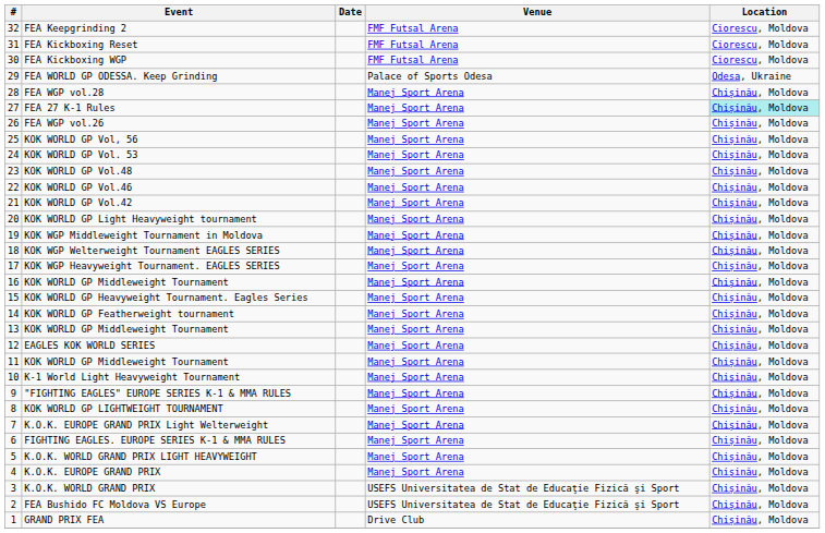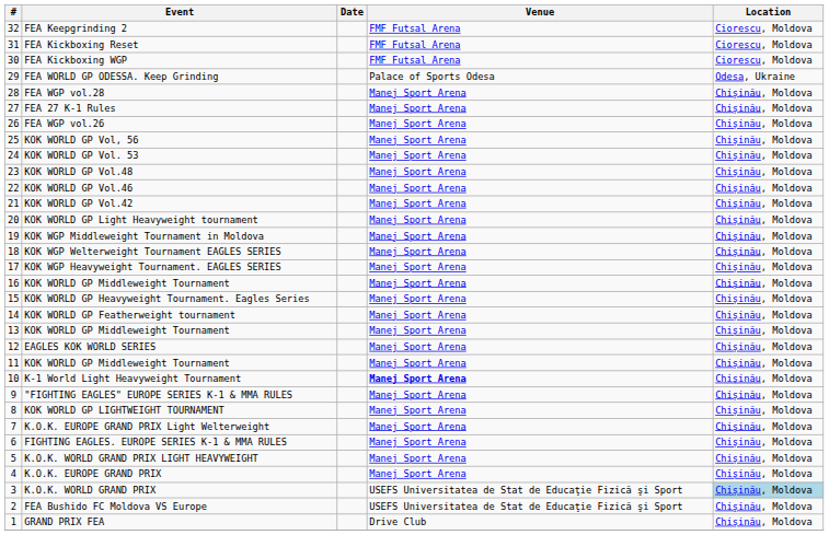 <table id="Events" class="wikitable sortable" style="width:80%; font-size:90%;">
 <tr>
 <th scope="col">#</th>
 <th scope="col">Event</th>
 <th scope="col">Date</th>
 <th scope="col">Venue</th>
 <th scope="col">Location</th>
 </tr>
 <tr>
 <td align=center>32</td>
 <td>FEA Keepgrinding 2</td>
 <td></td>
 <td><a href='#'>FMF Futsal Arena</a></td>
 <td><a href='#'>Ciorescu</a>, Moldova</td>
 </tr>
 <tr>
 <td align=center>31</td>
 <td>FEA Kickboxing Reset</td>
 <td></td>
 <td><a href='#'>FMF Futsal Arena</a></td>
 <td><a href='#'>Ciorescu</a>, Moldova</td>
 </tr>
 <tr>
 <td align=center>30</td>
 <td>FEA Kickboxing WGP</td>
 <td></td>
 <td><a href='#'>FMF Futsal Arena</a></td>
 <td><a href='#'>Ciorescu</a>, Moldova</td>
 </tr>
 <tr>
 <td align=center>29</td>
 <td>FEA WORLD GP ODESSA. Keep Grinding</td>
 <td></td>
 <td>Palace of Sports Odesa</td>
 <td><a href='#'>Odesa</a>, Ukraine</td>
 </tr>
 <tr>
 <td align=center>28</td>
 <td>FEA WGP vol.28</td>
 <td></td>
 <td><a href='#'>Manej Sport Arena</a></td>
 <td><a href='#'>Chișinău</a>, Moldova</td>
 </tr>
 <tr>
 <td align=center>27</td>
 <td>FEA 27 K-1 Rules</td>
 <td></td>
 <td><a href='#'>Manej Sport Arena</a></td>
-<td style="background: paleturquoise;"><a href='#'>Chișinău</a>, Moldova</td>
+<td><a href='#'>Chișinău</a>, Moldova</td>
 </tr>
 <tr>
 <td align=center>26</td>
 <td>FEA WGP vol.26</td>
 <td></td>
 <td><a href='#'>Manej Sport Arena</a></td>
 <td><a href='#'>Chișinău</a>, Moldova</td>
 </tr>
 <tr>
 <td align=center>25</td>
 <td>KOK WORLD GP Vol, 56</td>
 <td></td>
 <td><a href='#'>Manej Sport Arena</a></td>
 <td><a href='#'>Chișinău</a>, Moldova</td>
 </tr>
 <tr>
 <td align=center>24</td>
 <td>KOK WORLD GP Vol. 53</td>
 <td></td>
 <td><a href='#'>Manej Sport Arena</a></td>
 <td><a href='#'>Chișinău</a>, Moldova</td>
 </tr>
 <tr>
 <td align=center>23</td>
 <td>KOK WORLD GP Vol.48</td>
 <td></td>
 <td><a href='#'>Manej Sport Arena</a></td>
 <td><a href='#'>Chișinău</a>, Moldova</td>
 </tr>
 <tr>
 <td align=center>22</td>
 <td>KOK WORLD GP Vol.46</td>
 <td></td>
 <td><a href='#'>Manej Sport Arena</a></td>
 <td><a href='#'>Chișinău</a>, Moldova</td>
 </tr>
 <tr>
 <td align=center>21</td>
 <td>KOK WORLD GP Vol.42</td>
 <td></td>
 <td><a href='#'>Manej Sport Arena</a></td>
 <td><a href='#'>Chișinău</a>, Moldova</td>
 </tr>
 <tr>
 <td align=center>20</td>
 <td>KOK WORLD GP Light Heavyweight tournament</td>
 <td></td>
 <td><a href='#'>Manej Sport Arena</a></td>
 <td><a href='#'>Chișinău</a>, Moldova</td>
 </tr>
 <tr>
 <td align=center>19</td>
 <td>KOK WGP Middleweight Tournament in Moldova</td>
 <td></td>
 <td><a href='#'>Manej Sport Arena</a></td>
 <td><a href='#'>Chișinău</a>, Moldova</td>
 </tr>
 <tr>
 <td align=center>18</td>
 <td>KOK WGP Welterweight Tournament EAGLES SERIES</td>
 <td></td>
 <td><a href='#'>Manej Sport Arena</a></td>
 <td><a href='#'>Chișinău</a>, Moldova</td>
 </tr>
 <tr>
 <td align=center>17</td>
 <td>KOK WGP Heavyweight Tournament. EAGLES SERIES</td>
 <td></td>
 <td><a href='#'>Manej Sport Arena</a></td>
 <td><a href='#'>Chișinău</a>, Moldova</td>
 </tr>
 <tr>
 <td align=center>16</td>
 <td>KOK WORLD GP Middleweight Tournament</td>
 <td></td>
 <td><a href='#'>Manej Sport Arena</a></td>
 <td><a href='#'>Chișinău</a>, Moldova</td>
 </tr>
 <tr>
 <td align=center>15</td>
 <td>KOK WORLD GP Heavyweight Tournament. Eagles Series</td>
 <td></td>
 <td><a href='#'>Manej Sport Arena</a></td>
 <td><a href='#'>Chișinău</a>, Moldova</td>
 </tr>
 <tr>
 <td align=center>14</td>
 <td>KOK WORLD GP Featherweight tournament</td>
 <td></td>
 <td><a href='#'>Manej Sport Arena</a></td>
 <td><a href='#'>Chișinău</a>, Moldova</td>
 </tr>
 <tr>
 <td align=center>13</td>
 <td>KOK WORLD GP Middleweight Tournament</td>
 <td></td>
 <td><a href='#'>Manej Sport Arena</a></td>
 <td><a href='#'>Chișinău</a>, Moldova</td>
 </tr>
 <tr>
 <td align=center>12</td>
 <td>EAGLES KOK WORLD SERIES</td>
 <td></td>
 <td><a href='#'>Manej Sport Arena</a></td>
 <td><a href='#'>Chișinău</a>, Moldova</td>
 </tr>
 <tr>
 <td align=center>11</td>
 <td>KOK WORLD GP Middleweight Tournament</td>
 <td></td>
 <td><a href='#'>Manej Sport Arena</a></td>
 <td><a href='#'>Chișinău</a>, Moldova</td>
 </tr>
 <tr>
 <td align=center>10</td>
 <td>K-1 World Light Heavyweight Tournament</td>
 <td></td>
-<td><a href='#'>Manej Sport Arena</a></td>
+<td><strong><a href='#'>Manej Sport Arena</a></strong></td>
 <td><a href='#'>Chișinău</a>, Moldova</td>
 </tr>
 <tr>
 <td align=center>9</td>
 <td>"FIGHTING EAGLES" EUROPE SERIES K-1 & MMA RULES</td>
 <td></td>
 <td><a href='#'>Manej Sport Arena</a></td>
 <td><a href='#'>Chișinău</a>, Moldova</td>
 </tr>
 <tr>
 <td align=center>8</td>
 <td>KOK WORLD GP LIGHTWEIGHT TOURNAMENT</td>
 <td></td>
 <td><a href='#'>Manej Sport Arena</a></td>
 <td><a href='#'>Chișinău</a>, Moldova</td>
 </tr>
 <tr>
 <td align=center>7</td>
 <td>K.O.K. EUROPE GRAND PRIX Light Welterweight</td>
 <td></td>
 <td><a href='#'>Manej Sport Arena</a></td>
 <td><a href='#'>Chișinău</a>, Moldova</td>
 </tr>
 <tr>
 <td align=center>6</td>
 <td>FIGHTING EAGLES. EUROPE SERIES K-1 & MMA RULES</td>
 <td></td>
 <td><a href='#'>Manej Sport Arena</a></td>
 <td><a href='#'>Chișinău</a>, Moldova</td>
 </tr>
 <tr>
 <td align=center>5</td>
 <td>K.O.K. WORLD GRAND PRIX LIGHT HEAVYWEIGHT</td>
 <td></td>
 <td><a href='#'>Manej Sport Arena</a></td>
 <td><a href='#'>Chișinău</a>, Moldova</td>
 </tr>
 <tr>
 <td align=center>4</td>
 <td>K.O.K. EUROPE GRAND PRIX</td>
 <td></td>
 <td><a href='#'>Manej Sport Arena</a></td>
 <td><a href='#'>Chișinău</a>, Moldova</td>
 </tr>
 <tr>
 <td align=center>3</td>
 <td>K.O.K. WORLD GRAND PRIX</td>
 <td></td>
 <td>USEFS Universitatea de Stat de Educaţie Fizică şi Sport</td>
-<td><a href='#'>Chișinău</a>, Moldova</td>
+<td style="background: lightblue;"><a href='#'>Chișinău</a>, Moldova</td>
 </tr>
 <tr>
 <td align=center>2</td>
 <td>FEA Bushido FC Moldova VS Europe</td>
 <td></td>
 <td>USEFS Universitatea de Stat de Educaţie Fizică şi Sport</td>
 <td><a href='#'>Chișinău</a>, Moldova</td>
 </tr>
 <tr>
 <td align=center>1</td>
 <td>GRAND PRIX FEA</td>
 <td></td>
 <td>Drive Club</td>
 <td><a href='#'>Chișinău</a>, Moldova</td>
 </tr>
 <tr>
 </tr>
 </table>
